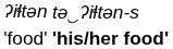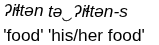 <table>
 <tr style="font-style:italic;">
 <td>ʔiɬtən</td>
 <td>tə‿ʔiɬtən-s</td>
 </tr>
 <tr>
 <td>'food'</td>
-<td><strong>'his/her food'</strong></td>
+<td>'his/her food'</td>
 </tr>
 </table>
